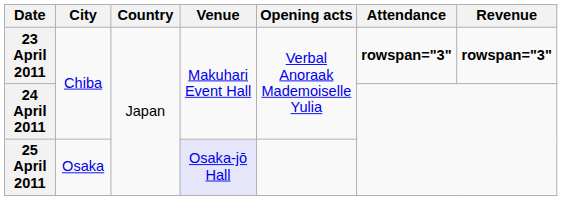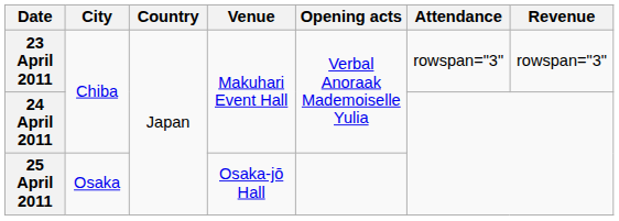 <table class="wikitable plainrowheaders" style="text-align:center;">
 <tr>
 <th scope="col" style="width:15em;">Date</th>
 <th scope="col" style="width:11em;">City</th>
 <th scope="col" style="width:11em;">Country</th>
 <th scope="col" style="width:16em;">Venue</th>
 <th scope="col" style="width:10em;">Opening acts</th>
 <th scope="col" style="width:10em;">Attendance</th>
 <th scope="col" style="width:10em;">Revenue</th>
 </tr>
 <tr>
 <th scope="row">23 April 2011</th>
 <td rowspan="2"><a href='#'>Chiba</a></td>
 <td rowspan="3">Japan</td>
 <td rowspan="2"><a href='#'>Makuhari Event Hall</a></td>
 <td rowspan="2"><a href='#'>Verbal</a><br><a href='#'>Anoraak</a><br><a href='#'>Mademoiselle Yulia</a></td>
-<td><strong>rowspan="3" </strong></td>
-<td><strong>rowspan="3" </strong></td>
+<td>rowspan="3" </td>
+<td>rowspan="3" </td>
 </tr>
 <tr>
 <th scope="row">24 April 2011</th>
 </tr>
 <tr>
 <th scope="row">25 April 2011</th>
 <td><a href='#'>Osaka</a></td>
-<td style="background: lavender;"><a href='#'>Osaka-jō Hall</a></td>
+<td><a href='#'>Osaka-jō Hall</a></td>
 <td></td>
 </tr>
 </table>
